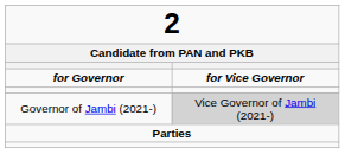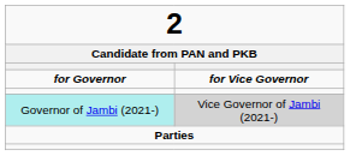 <table class="wikitable" style="font-size:90%; text-align:center;">
 <tr>
 <td colspan=2><big><big><big><big><big><strong>2</strong></big></big></big></big></big></td>
 </tr>
 <tr>
 <td colspan=2 style="background:#f1f1f1;"><strong>Candidate from PAN and PKB</strong></td>
 </tr>
 <tr>
 <th style="font-size:135%; background:#"><a href='#'></a></th>
 <th style="font-size:135%; background:#"><a href='#'></a></th>
 </tr>
 <tr style="color:#000; font-size:100%; background:#">
 <td style="width:3em; width:200px;"><strong><em>for Governor</em></strong></td>
 <td style="width:3em; width:200px;"><strong><em>for Vice Governor</em></strong></td>
 </tr>
 <tr>
 <td></td>
 <td></td>
 </tr>
 <tr>
-<td>Governor of <a href='#'>Jambi</a> (2021-)</td>
+<td style="background: paleturquoise;">Governor of <a href='#'>Jambi</a> (2021-)</td>
 <td style="background: lightgrey;">Vice Governor of <a href='#'>Jambi</a> (2021-)</td>
 </tr>
 <tr>
 <td colspan=2><strong>Parties</strong></td>
 </tr>
 <tr>
 <td colspan=2> </td>
 </tr>
 </table>
